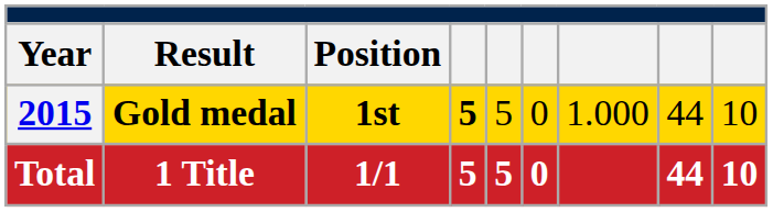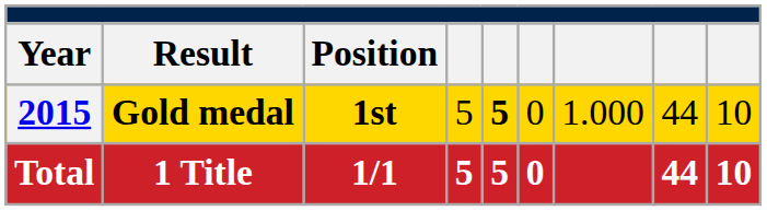 <table class="wikitable" style="font-size:90%; text-align:center;">
 <tr>
 <th style="background:#00234C;" colspan="9"><a href='#'></a></th>
 </tr>
 <tr>
 <th scope="col">Year</th>
 <th scope="col">Result</th>
 <th scope="col">Position</th>
 <th scope="col"></th>
 <th scope="col"></th>
 <th scope="col"></th>
 <th scope="col"></th>
 <th scope="col"></th>
 <th scope="col"></th>
 </tr>
 <tr style="background:gold">
 <th> <a href='#'>2015</a></th>
 <td> <strong>Gold medal</strong></td>
 <td><strong>1st</strong></td>
+<td>5</td>
 <td><strong>5</strong></td>
-<td>5</td>
 <td>0</td>
 <td>1.000</td>
 <td>44</td>
 <td>10</td>
 </tr>
 <tr>
 <th style="color:white; background:#CE2028;">Total</th>
 <th style="color:white; background:#CE2028;">1 Title</th>
 <th style="color:white; background:#CE2028;">1/1</th>
 <th style="color:white; background:#CE2028;">5</th>
 <th style="color:white; background:#CE2028;">5</th>
 <th style="color:white; background:#CE2028;">0</th>
 <th style="color:white; background:#CE2028;"></th>
 <th style="color:white; background:#CE2028;">44</th>
 <th style="color:white; background:#CE2028;">10</th>
 </tr>
 </table>
